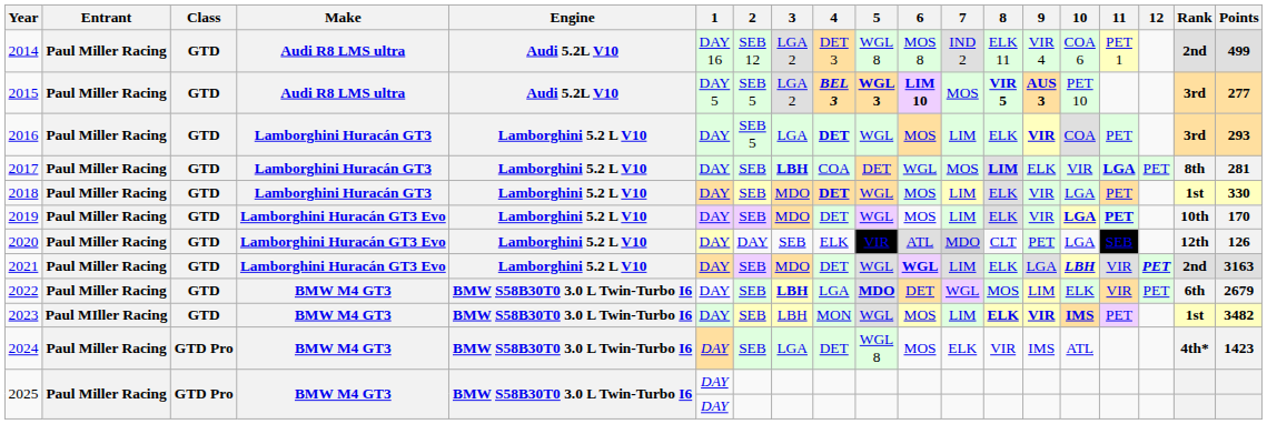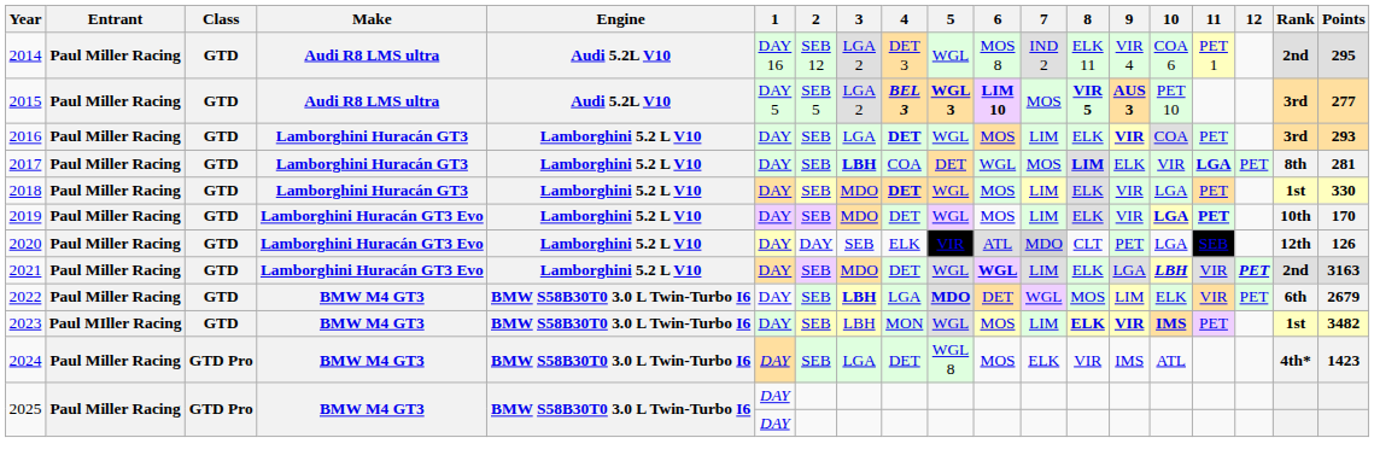 <table class="wikitable" style="text-align:center; font-size:90%">
 <tr>
 <th>Year</th>
 <th>Entrant</th>
 <th>Class</th>
 <th>Make</th>
 <th>Engine</th>
 <th>1</th>
 <th>2</th>
 <th>3</th>
 <th>4</th>
 <th>5</th>
 <th>6</th>
 <th>7</th>
 <th>8</th>
 <th>9</th>
 <th>10</th>
 <th>11</th>
 <th>12</th>
 <th>Rank</th>
 <th>Points</th>
 </tr>
 <tr>
 <td><a href='#'>2014</a></td>
 <th>Paul Miller Racing</th>
 <th>GTD</th>
 <th><a href='#'>Audi R8 LMS ultra</a></th>
 <th><a href='#'>Audi</a> 5.2L <a href='#'>V10</a></th>
 <td style="background:#DFFFDF;"><a href='#'>DAY</a><br>16</td>
 <td style="background:#DFFFDF;"><a href='#'>SEB</a><br>12</td>
 <td style="background:#DFDFDF;"><a href='#'>LGA</a><br>2</td>
 <td style="background:#FFDF9F;”"><a href='#'>DET</a><br>3</td>
-<td style="background:#DFFFDF;"><a href='#'>WGL</a><br>8</td>
+<td style="background:#dfffdf;"><a href='#'>WGL</a><br></td>
 <td style="background:#DFFFDF;"><a href='#'>MOS</a><br>8</td>
 <td style="background:#DFDFDF;"><a href='#'>IND</a><br>2</td>
 <td style="background:#DFFFDF;"><a href='#'>ELK</a><br>11</td>
 <td style="background:#DFFFDF;"><a href='#'>VIR</a><br>4</td>
 <td style="background:#DFFFDF;"><a href='#'>COA</a><br>6</td>
 <td style="background:#FFFFBF;”"><a href='#'>PET</a><br>1</td>
 <td></td>
 <th style="background:#DFDFDF;”">2nd</th>
-<th style="background:#DFDFDF;”">499</th>
+<th style="background:#DFDFDF;”">295</th>
 </tr>
 <tr>
 <td><a href='#'>2015</a></td>
 <th>Paul Miller Racing</th>
 <th>GTD</th>
 <th><a href='#'>Audi R8 LMS ultra</a></th>
 <th><a href='#'>Audi</a> 5.2L <a href='#'>V10</a></th>
 <td style="background:#dfffdf;"><a href='#'>DAY</a><br>5</td>
 <td style="background:#dfffdf;"><a href='#'>SEB</a><br>5</td>
 <td style="background:#DFDFDF;"><a href='#'>LGA</a><br>2</td>
 <td style="background:#FFDF9F;”"><strong><em><a href='#'>BEL</a><br>3</em></strong></td>
 <td style="background:#FFDF9F;”"><strong><a href='#'>WGL</a><br>3</strong></td>
 <td style="background:#EFCFFF;"><strong><a href='#'>LIM</a><br>10</strong></td>
 <td style="background:#dfffdf;"><a href='#'>MOS</a><br></td>
 <td style="background:#dfffdf;"><strong><a href='#'>VIR</a><br>5</strong></td>
 <td style="background:#FFDF9F;”"><strong><a href='#'>AUS</a><br>3</strong></td>
 <td style="background:#DFFFDF;"><a href='#'>PET</a><br>10</td>
 <td></td>
 <td></td>
 <th style="background:#ffdf9f;">3rd</th>
 <th style="background:#ffdf9f;">277</th>
 </tr>
 <tr>
 <td><a href='#'>2016</a></td>
 <th>Paul Miller Racing</th>
 <th>GTD</th>
 <th><a href='#'>Lamborghini Huracán GT3</a></th>
 <th><a href='#'>Lamborghini</a> 5.2 L <a href='#'>V10</a></th>
 <td style="background:#dfffdf;"><a href='#'>DAY</a><br></td>
-<td style="background:#dfffdf;"><a href='#'>SEB</a><br>5</td>
+<td style="background:#dfffdf;"><a href='#'>SEB</a><br></td>
 <td style="background:#dfffdf;"><a href='#'>LGA</a><br></td>
 <td style="background:#dfffdf;"><strong><a href='#'>DET</a></strong><br></td>
 <td style="background:#dfffdf;"><a href='#'>WGL</a><br></td>
 <td style="background:#ffdf9f;"><a href='#'>MOS</a><br></td>
 <td style="background:#dfffdf;"><a href='#'>LIM</a><br></td>
 <td style="background:#dfffdf;"><a href='#'>ELK</a><br></td>
 <td style="background:#ffffbf;"><strong><a href='#'>VIR</a></strong><br></td>
 <td style="background:#dfdfdf;"><a href='#'>COA</a><br></td>
 <td style="background:#dfffdf;"><a href='#'>PET</a><br></td>
 <td></td>
 <th style="background:#ffdf9f;">3rd</th>
 <th style="background:#ffdf9f;">293</th>
 </tr>
 <tr>
 <td><a href='#'>2017</a></td>
 <th>Paul Miller Racing</th>
 <th>GTD</th>
 <th><a href='#'>Lamborghini Huracán GT3</a></th>
 <th><a href='#'>Lamborghini</a> 5.2 L <a href='#'>V10</a></th>
 <td style="background:#dfffdf;"><a href='#'>DAY</a><br></td>
 <td style="background:#dfffdf;"><a href='#'>SEB</a><br></td>
 <td style="background:#dfffdf;"><strong><a href='#'>LBH</a></strong><br></td>
 <td style="background:#dfffdf;"><a href='#'>COA</a><br></td>
 <td style="background:#ffdf9f;"><a href='#'>DET</a><br></td>
 <td style="background:#dfffdf;"><a href='#'>WGL</a><br></td>
 <td style="background:#dfffdf;"><a href='#'>MOS</a><br></td>
 <td style="background:#dfdfdf;"><strong><a href='#'>LIM</a></strong><br></td>
 <td style="background:#dfffdf;"><a href='#'>ELK</a><br></td>
 <td style="background:#dfffdf;"><a href='#'>VIR</a><br></td>
 <td style="background:#dfffdf;"><strong><a href='#'>LGA</a></strong><br></td>
 <td style="background:#dfffdf;"><a href='#'>PET</a><br></td>
 <th>8th</th>
 <th>281</th>
 </tr>
 <tr>
 <td><a href='#'>2018</a></td>
 <th>Paul Miller Racing</th>
 <th>GTD</th>
 <th><a href='#'>Lamborghini Huracán GT3</a></th>
 <th><a href='#'>Lamborghini</a> 5.2 L <a href='#'>V10</a></th>
 <td style="background:#ffdf9f;"><a href='#'>DAY</a><br></td>
 <td style="background:#ffffbf;"><a href='#'>SEB</a><br></td>
 <td style="background:#ffdf9f;"><a href='#'>MDO</a><br></td>
 <td style="background:#ffdf9f;"><strong><a href='#'>DET</a></strong><br></td>
 <td style="background:#ffdf9f;"><a href='#'>WGL</a><br></td>
 <td style="background:#dfffdf;"><a href='#'>MOS</a><br></td>
 <td style="background:#ffffbf;"><a href='#'>LIM</a><br></td>
 <td style="background:#dfdfdf;"><a href='#'>ELK</a><br></td>
 <td style="background:#dfffdf;"><a href='#'>VIR</a><br></td>
 <td style="background:#dfffdf;"><a href='#'>LGA</a><br></td>
 <td style="background:#ffdf9f;"><a href='#'>PET</a><br></td>
 <td></td>
 <th style="background:#ffffbf;">1st</th>
 <th style="background:#ffffbf;">330</th>
 </tr>
 <tr>
 <td><a href='#'>2019</a></td>
 <th>Paul Miller Racing</th>
 <th>GTD</th>
 <th><a href='#'>Lamborghini Huracán GT3 Evo</a></th>
 <th><a href='#'>Lamborghini</a> 5.2 L <a href='#'>V10</a></th>
 <td style="background:#efcfff;"><a href='#'>DAY</a><br></td>
 <td style="background:#efcfff;"><a href='#'>SEB</a><br></td>
 <td style="background:#ffdf9f;"><a href='#'>MDO</a><br></td>
 <td style="background:#dfffdf;"><a href='#'>DET</a><br></td>
 <td style="background:#efcfff;"><a href='#'>WGL</a><br></td>
 <td style="background:#;"><a href='#'>MOS</a><br></td>
 <td style="background:#dfffdf;"><a href='#'>LIM</a><br></td>
 <td style="background:#dfdfdf;"><a href='#'>ELK</a><br></td>
 <td style="background:#dfffdf;"><a href='#'>VIR</a><br></td>
 <td style="background:#ffffbf;"><strong><a href='#'>LGA</a></strong><br></td>
 <td style="background:#dfffdf;"><a href='#'><strong>PET</strong></a><br></td>
 <td></td>
 <th>10th</th>
 <th>170</th>
 </tr>
 <tr>
 <td><a href='#'>2020</a></td>
 <th>Paul Miller Racing</th>
 <th>GTD</th>
 <th><a href='#'>Lamborghini Huracán GT3 Evo</a></th>
 <th><a href='#'>Lamborghini</a> 5.2 L <a href='#'>V10</a></th>
 <td style="background:#ffffbf;"><a href='#'>DAY</a><br></td>
 <td><a href='#'>DAY</a></td>
 <td><a href='#'>SEB</a></td>
 <td><a href='#'>ELK</a></td>
 <td style="background:#000000;color:white"><span><a href='#'>VIR</a></span><br></td>
 <td style="background:#dfdfdf;"><a href='#'>ATL</a><br></td>
 <td style="background: lightgrey;"><a href='#'>MDO</a></td>
 <td><a href='#'>CLT</a></td>
 <td style="background:#dfffdf;"><a href='#'>PET</a><br></td>
 <td><a href='#'>LGA</a></td>
 <td style="background:#000000;color:white"><a href='#'><span>SEB</span></a><br></td>
 <td></td>
 <th>12th</th>
 <th>126</th>
 </tr>
 <tr>
 <td><a href='#'>2021</a></td>
 <th>Paul Miller Racing</th>
 <th>GTD</th>
 <th><a href='#'>Lamborghini Huracán GT3 Evo</a></th>
 <th><a href='#'>Lamborghini</a> 5.2 L <a href='#'>V10</a></th>
 <td style="background:#ffdf9f;"><a href='#'>DAY</a><br></td>
 <td style="background:#efcfff;"><a href='#'>SEB</a><br></td>
 <td style="background:#ffdf9f;"><a href='#'>MDO</a><br></td>
 <td style="background:#dfffdf;"><a href='#'>DET</a><br></td>
 <td style="background:#dfdfdf;"><a href='#'>WGL</a><br></td>
 <td style="background:#efcfff;"><strong><a href='#'>WGL</a></strong><br></td>
 <td style="background:#dfdfdf;"><a href='#'>LIM</a><br></td>
 <td style="background:#dfffdf;"><a href='#'>ELK</a><br></td>
 <td style="background:#dfdfdf;"><a href='#'>LGA</a><br></td>
 <td style="background:#ffffbf;"><strong><em><a href='#'>LBH</a></em></strong><br></td>
 <td style="background:#dfdfdf;"><a href='#'>VIR</a><br></td>
 <td style="background:#dfffdf;"><strong><em><a href='#'>PET</a></em></strong><br></td>
 <th style="background:#dfdfdf;">2nd</th>
 <th style="background:#dfdfdf;">3163</th>
 </tr>
 <tr>
 <td><a href='#'>2022</a></td>
 <th>Paul Miller Racing</th>
 <th>GTD</th>
 <th><a href='#'>BMW M4 GT3</a></th>
 <th><a href='#'>BMW</a> <a href='#'>S58B30T0</a> 3.0 L Twin-Turbo <a href='#'>I6</a></th>
 <td style="background:"><a href='#'>DAY</a><br></td>
 <td style="background:#DFFFDF;"><a href='#'>SEB</a><br></td>
 <td style="background:#FFFFBF;"><strong><a href='#'>LBH</a></strong><br></td>
 <td style="background:#DFFFDF;"><a href='#'>LGA</a><br></td>
 <td style="background:#DFDFDF;"><strong><a href='#'>MDO</a></strong><br></td>
 <td style="background:#FFDF9F;"><a href='#'>DET</a><br></td>
 <td style="background:#EFCFFF;"><a href='#'>WGL</a><br></td>
 <td style="background:#DFFFDF;"><a href='#'>MOS</a><br></td>
 <td style="background:#ffffbf;"><a href='#'>LIM</a><br></td>
 <td style="background:#dfffdf;"><a href='#'>ELK</a><br></td>
 <td style="background:#ffdf9f;"><a href='#'>VIR</a><br></td>
 <td style="background:#dfffdf;"><a href='#'>PET</a><br></td>
 <th>6th</th>
 <th>2679</th>
 </tr>
 <tr>
 <td><a href='#'>2023</a></td>
 <th>Paul MIller Racing</th>
 <th>GTD</th>
 <th><a href='#'>BMW M4 GT3</a></th>
 <th><a href='#'>BMW</a> <a href='#'>S58B30T0</a> 3.0 L Twin-Turbo <a href='#'>I6</a></th>
 <td style="background:#DFFFDF;"><a href='#'>DAY</a><br></td>
 <td style="background:#FFFFBF;"><a href='#'>SEB</a><br></td>
 <td style="background:#FFFFBF;"><a href='#'>LBH</a><br></td>
 <td style="background:#dfffdf;"><a href='#'>MON</a><br></td>
 <td style="background:#DFDFDF;"><a href='#'>WGL</a><br></td>
 <td style="background:#FFFFBF;"><a href='#'>MOS</a><br></td>
 <td style="background:#DFFFDF;"><a href='#'>LIM</a><br></td>
 <td style="background:#FFFFBF;"><strong><a href='#'>ELK</a><br></strong></td>
 <td style="background:#FFFFBF;"><strong><a href='#'>VIR</a><br></strong></td>
 <td style="background:#ffdf9f;"><strong><a href='#'>IMS</a><br></strong></td>
 <td style="background:#EFCFFF;"><a href='#'>PET</a><br></td>
 <td></td>
 <th style="background:#FFFFBF;”">1st</th>
 <th style="background:#FFFFBF;”">3482</th>
 </tr>
 <tr>
 <td><a href='#'>2024</a></td>
 <th>Paul Miller Racing</th>
 <th>GTD Pro</th>
 <th><a href='#'>BMW M4 GT3</a></th>
 <th><a href='#'>BMW</a> <a href='#'>S58B30T0</a> 3.0 L Twin-Turbo <a href='#'>I6</a></th>
 <td style="background:#ffdf9f;"><em><a href='#'>DAY</a><br></em></td>
 <td style="background:#dfffdf;"><a href='#'>SEB</a><br></td>
 <td style="background:#dfffdf;"><a href='#'>LGA</a><br></td>
 <td style="background:#dfffdf;"><a href='#'>DET</a><br></td>
 <td style="background:#dfffdf;"><a href='#'>WGL</a><br>8</td>
 <td style="background:#;"><a href='#'>MOS</a><br></td>
 <td style="background:#;"><a href='#'>ELK</a><br></td>
 <td style="background:#;"><a href='#'>VIR</a><br></td>
 <td style="background:#;"><a href='#'>IMS</a><br></td>
 <td style="background:#;"><a href='#'>ATL</a><br></td>
 <td></td>
 <td></td>
 <th style="background:#;">4th*</th>
 <th style="background:#;">1423</th>
 </tr>
 <tr>
 <td rowspan="2">2025</td>
 <th rowspan="2">Paul Miller Racing</th>
 <th rowspan="2">GTD Pro</th>
 <th rowspan="2"><a href='#'>BMW M4 GT3</a></th>
 <th rowspan="2"><a href='#'>BMW</a> <a href='#'>S58B30T0</a> 3.0 L Twin-Turbo <a href='#'>I6</a></th>
 <td><em><a href='#'>DAY</a></em></td>
 <td></td>
 <td></td>
 <td></td>
 <td></td>
 <td></td>
 <td></td>
 <td></td>
 <td></td>
 <td></td>
 <td></td>
 <td></td>
 <th></th>
 <th></th>
 </tr>
 <tr>
 <td><em><a href='#'>DAY</a></em></td>
 <td></td>
 <td></td>
 <td></td>
 <td></td>
 <td></td>
 <td></td>
 <td></td>
 <td></td>
 <td></td>
 <td></td>
 <td></td>
 <th></th>
 <th></th>
 </tr>
 </table>
